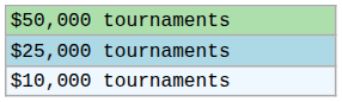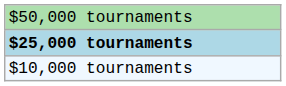 <table class="wikitable" style="font-size:85%;" width=15%>
 <tr bgcolor="#ADDFAD">
 <td>$50,000 tournaments</td>
 </tr>
 <tr bgcolor=lightblue>
-<td>$25,000 tournaments</td>
+<td><strong>$25,000 tournaments</strong></td>
 </tr>
 <tr bgcolor="#f0f8ff">
 <td>$10,000 tournaments</td>
 </tr>
 </table>
